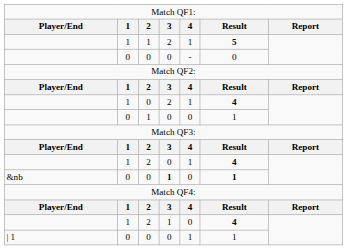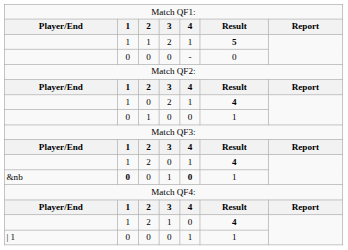 <table class="wikitable" style=font-size:85%;text-align:center;width:40%>
 <tr>
 <td colspan=7>Match QF1:</td>
 </tr>
 <tr>
 <th>Player/End</th>
 <th>1</th>
 <th>2</th>
 <th>3</th>
 <th>4</th>
 <th>Result</th>
 <th>Report</th>
 </tr>
 <tr>
 <td align=left><strong></strong></td>
 <td>1</td>
 <td>1</td>
 <td>2</td>
 <td>1</td>
 <td><strong>5</strong></td>
 <td rowspan="2"></td>
 </tr>
 <tr>
 <td align=left></td>
 <td>0</td>
 <td>0</td>
 <td>0</td>
 <td>-</td>
 <td>0</td>
 </tr>
 <tr>
 <td colspan=7>Match QF2:</td>
 </tr>
 <tr>
 <th>Player/End</th>
 <th>1</th>
 <th>2</th>
 <th>3</th>
 <th>4</th>
 <th>Result</th>
 <th>Report</th>
 </tr>
 <tr>
 <td align=left><strong></strong></td>
 <td>1</td>
 <td>0</td>
 <td>2</td>
 <td>1</td>
 <td><strong>4</strong></td>
 <td rowspan="2"></td>
 </tr>
 <tr>
 <td align=left></td>
 <td>0</td>
 <td>1</td>
 <td>0</td>
 <td>0</td>
 <td>1</td>
 </tr>
 <tr>
 <td colspan=7>Match QF3:</td>
 </tr>
 <tr>
 <th>Player/End</th>
 <th>1</th>
 <th>2</th>
 <th>3</th>
 <th>4</th>
 <th>Result</th>
 <th>Report</th>
 </tr>
 <tr>
 <td align=left><strong></strong></td>
 <td>1</td>
 <td>2</td>
 <td>0</td>
 <td>1</td>
 <td><strong>4</strong></td>
 <td rowspan="2"></td>
 </tr>
 <tr>
 <td align=left>&nb</td>
+<td><strong>0</strong></td>
 <td>0</td>
-<td>0</td>
-<td><strong>1</strong></td>
-<td>0</td>
-<td><strong>1</strong></td>
+<td>1</td>
+<td><strong>0</strong></td>
+<td>1</td>
 </tr>
 <tr>
 <td colspan=7>Match QF4:</td>
 </tr>
 <tr>
 <th>Player/End</th>
 <th>1</th>
 <th>2</th>
 <th>3</th>
 <th>4</th>
 <th>Result</th>
 <th>Report</th>
 </tr>
 <tr>
 <td align=left><strong></strong></td>
 <td>1</td>
 <td>2</td>
 <td>1</td>
 <td>0</td>
 <td><strong>4</strong></td>
 <td rowspan="2"></td>
 </tr>
 <tr>
 <td align=left>| 1</td>
 <td>0</td>
 <td>0</td>
 <td>0</td>
 <td>1</td>
 <td>1</td>
 </tr>
 </table>
